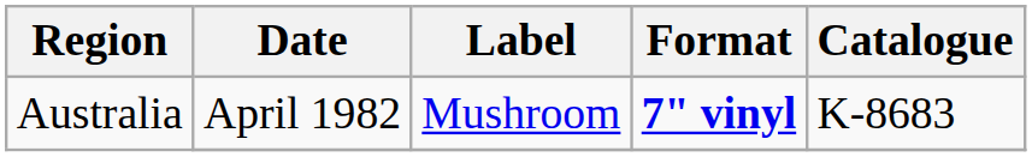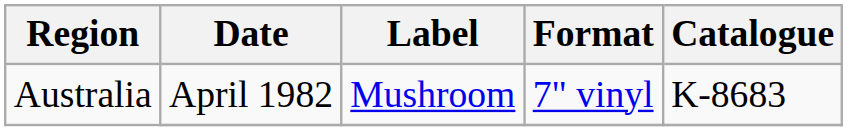 <table class="wikitable">
 <tr>
 <th>Region</th>
 <th>Date</th>
 <th>Label</th>
 <th>Format</th>
 <th>Catalogue</th>
 </tr>
 <tr>
 <td rowspan="2">Australia</td>
 <td>April 1982</td>
 <td><a href='#'>Mushroom</a></td>
-<td><strong><a href='#'>7" vinyl</a></strong></td>
+<td><a href='#'>7" vinyl</a></td>
 <td>K-8683</td>
 </tr>
 <tr>
 </tr>
 </table>
